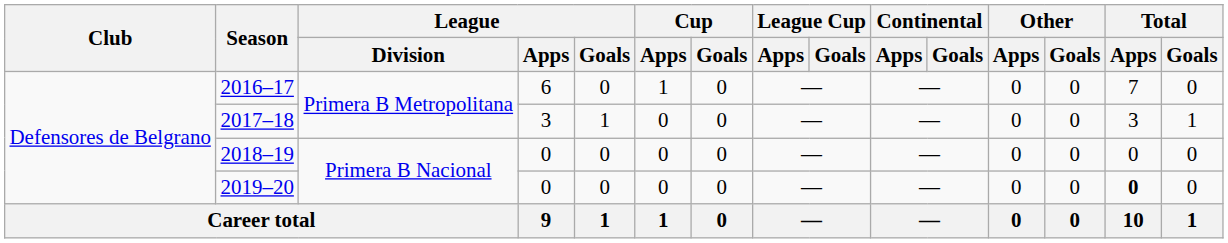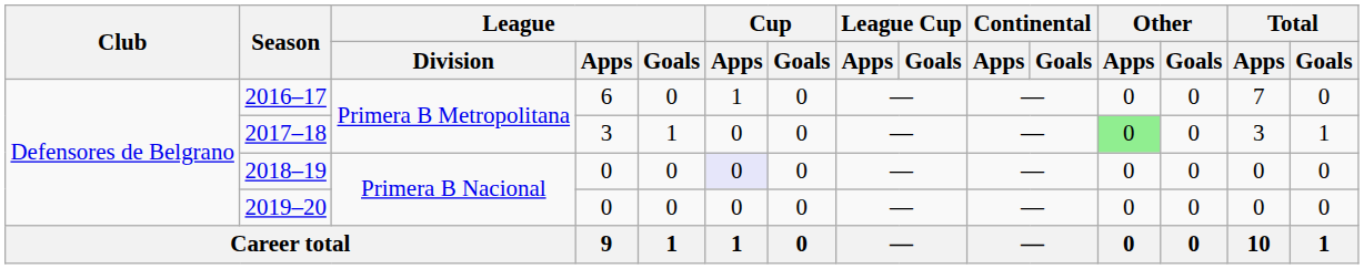 <table class="wikitable" style="text-align:center">
 <tr>
 <th rowspan="2">Club</th>
 <th rowspan="2">Season</th>
 <th colspan="3">League</th>
 <th colspan="2">Cup</th>
 <th colspan="2">League Cup</th>
 <th colspan="2">Continental</th>
 <th colspan="2">Other</th>
 <th colspan="2">Total</th>
 </tr>
 <tr>
 <th>Division</th>
 <th>Apps</th>
 <th>Goals</th>
 <th>Apps</th>
 <th>Goals</th>
 <th>Apps</th>
 <th>Goals</th>
 <th>Apps</th>
 <th>Goals</th>
 <th>Apps</th>
 <th>Goals</th>
 <th>Apps</th>
 <th>Goals</th>
 </tr>
 <tr>
 <td rowspan="4"><a href='#'>Defensores de Belgrano</a></td>
 <td><a href='#'>2016–17</a></td>
 <td rowspan="2"><a href='#'>Primera B Metropolitana</a></td>
 <td>6</td>
 <td>0</td>
 <td>1</td>
 <td>0</td>
 <td colspan="2">—</td>
 <td colspan="2">—</td>
 <td>0</td>
 <td>0</td>
 <td>7</td>
 <td>0</td>
 </tr>
 <tr>
 <td><a href='#'>2017–18</a></td>
 <td>3</td>
 <td>1</td>
 <td>0</td>
 <td>0</td>
 <td colspan="2">—</td>
 <td colspan="2">—</td>
-<td>0</td>
+<td style="background: lightgreen;">0</td>
 <td>0</td>
 <td>3</td>
 <td>1</td>
 </tr>
 <tr>
 <td><a href='#'>2018–19</a></td>
 <td rowspan="2"><a href='#'>Primera B Nacional</a></td>
 <td>0</td>
 <td>0</td>
-<td>0</td>
+<td style="background: lavender;">0</td>
 <td>0</td>
 <td colspan="2">—</td>
 <td colspan="2">—</td>
 <td>0</td>
 <td>0</td>
 <td>0</td>
 <td>0</td>
 </tr>
 <tr>
 <td><a href='#'>2019–20</a></td>
 <td>0</td>
 <td>0</td>
 <td>0</td>
 <td>0</td>
 <td colspan="2">—</td>
 <td colspan="2">—</td>
 <td>0</td>
 <td>0</td>
-<td><strong>0</strong></td>
+<td>0</td>
 <td>0</td>
 </tr>
 <tr>
 <th colspan="3">Career total</th>
 <th>9</th>
 <th>1</th>
 <th>1</th>
 <th>0</th>
 <th colspan="2">—</th>
 <th colspan="2">—</th>
 <th>0</th>
 <th>0</th>
 <th>10</th>
 <th>1</th>
 </tr>
 </table>
